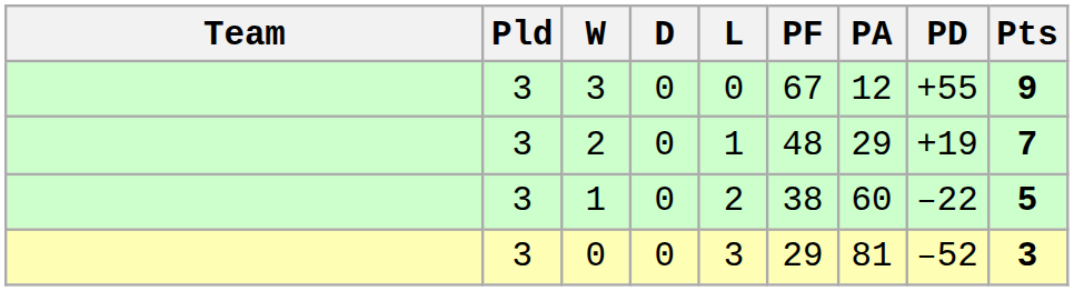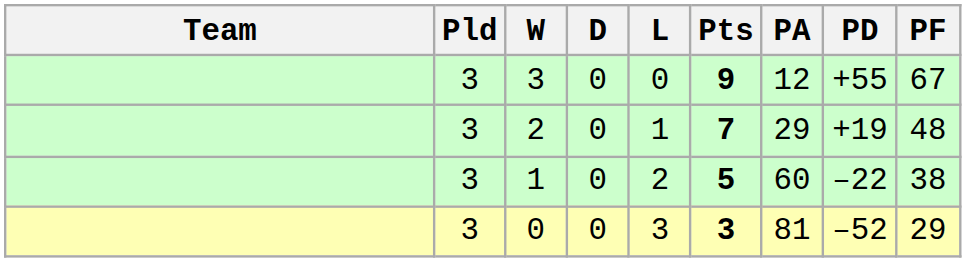 <table class="wikitable" style="text-align:center;">
 <tr>
 <th width=175>Team</th>
 <th width=20 abbr="Played">Pld</th>
 <th width=20 abbr="Won">W</th>
 <th width=20 abbr="Drawn">D</th>
 <th width=20 abbr="Lost">L</th>
-<th width=20 abbr="Points for">PF</th>
+<th width=20 abbr="Points">Pts</th>
 <th width=20 abbr="Points against">PA</th>
 <th width=25 abbr="Points difference">PD</th>
-<th width=20 abbr="Points">Pts</th>
+<th width=20 abbr="Points for">PF</th>
 </tr>
 <tr style="background:#ccffcc">
 <td align=left></td>
 <td>3</td>
 <td>3</td>
 <td>0</td>
 <td>0</td>
-<td>67</td>
+<td><strong>9</strong></td>
 <td>12</td>
 <td>+55</td>
-<td><strong>9</strong></td>
+<td>67</td>
 </tr>
 <tr style="background:#ccffcc">
 <td align=left></td>
 <td>3</td>
 <td>2</td>
 <td>0</td>
 <td>1</td>
-<td>48</td>
+<td><strong>7</strong></td>
 <td>29</td>
 <td>+19</td>
-<td><strong>7</strong></td>
+<td>48</td>
 </tr>
 <tr style="background:#ccffcc">
 <td align=left></td>
 <td>3</td>
 <td>1</td>
 <td>0</td>
 <td>2</td>
-<td>38</td>
+<td><strong>5</strong></td>
 <td>60</td>
 <td>–22</td>
-<td><strong>5</strong></td>
+<td>38</td>
 </tr>
 <tr style="background:#feffb4">
 <td align=left></td>
 <td>3</td>
 <td>0</td>
 <td>0</td>
 <td>3</td>
-<td>29</td>
+<td><strong>3</strong></td>
 <td>81</td>
 <td>–52</td>
-<td><strong>3</strong></td>
+<td>29</td>
 </tr>
 </table>
